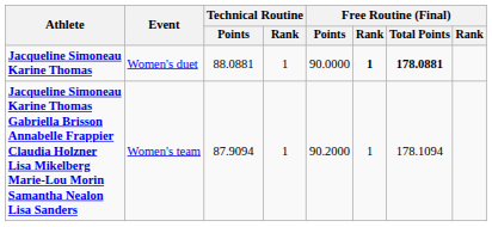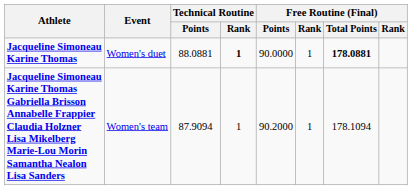 <table class=wikitable style="font-size:90%">
 <tr>
 <th rowspan=2>Athlete</th>
 <th rowspan=2>Event</th>
 <th colspan=2>Technical Routine</th>
 <th colspan=4>Free Routine (Final)</th>
 </tr>
 <tr style="font-size:95%">
 <th>Points</th>
 <th>Rank</th>
 <th>Points</th>
 <th>Rank</th>
 <th>Total Points</th>
 <th>Rank</th>
 </tr>
 <tr align=center>
 <td align=left><strong><a href='#'>Jacqueline Simoneau</a><br><a href='#'>Karine Thomas</a></strong></td>
 <td align=left><a href='#'>Women's duet</a></td>
 <td>88.0881</td>
+<td><strong>1</strong></td>
+<td>90.0000</td>
 <td>1</td>
-<td>90.0000</td>
-<td><strong>1</strong></td>
 <td><strong>178.0881</strong></td>
 <td></td>
 </tr>
 <tr align=center>
 <td align=left><strong><a href='#'>Jacqueline Simoneau</a><br><a href='#'>Karine Thomas</a><br><a href='#'>Gabriella Brisson</a> <br><a href='#'>Annabelle Frappier</a><br><a href='#'>Claudia Holzner</a> <br> <a href='#'>Lisa Mikelberg</a><br><a href='#'>Marie-Lou Morin</a><br><a href='#'>Samantha Nealon</a><br><a href='#'>Lisa Sanders</a></strong></td>
 <td align=left><a href='#'>Women's team</a></td>
 <td>87.9094</td>
 <td>1</td>
 <td>90.2000</td>
 <td>1</td>
 <td>178.1094</td>
 <td></td>
 </tr>
 </table>
